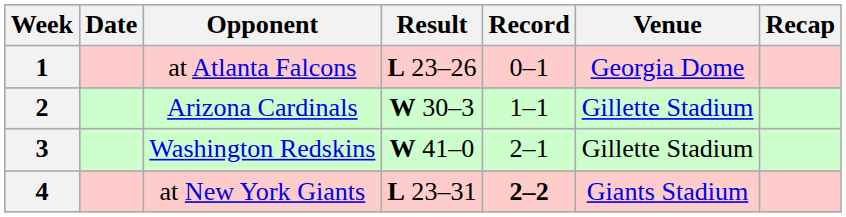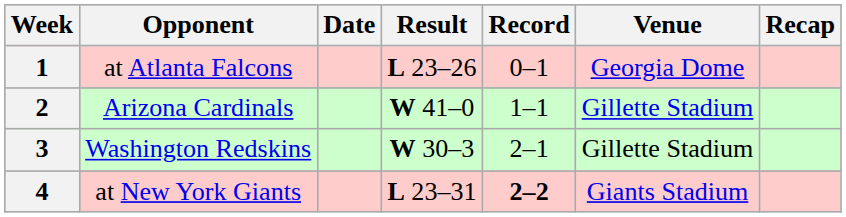 <table class="wikitable" style="text-align:center">
 <tr>
 <th>Week</th>
+<th>Opponent</th>
 <th>Date</th>
-<th>Opponent</th>
 <th>Result</th>
 <th>Record</th>
 <th>Venue</th>
 <th>Recap</th>
 </tr>
 <tr style="background: #fcc;">
 <th>1</th>
+<td>at <a href='#'>Atlanta Falcons</a></td>
 <td></td>
-<td>at <a href='#'>Atlanta Falcons</a></td>
 <td><strong>L</strong> 23–26</td>
 <td>0–1</td>
 <td><a href='#'>Georgia Dome</a></td>
 <td></td>
 </tr>
 <tr style="background: #cfc;">
 <th>2</th>
+<td><a href='#'>Arizona Cardinals</a></td>
 <td></td>
-<td><a href='#'>Arizona Cardinals</a></td>
-<td><strong>W</strong> 30–3</td>
+<td><strong>W</strong> 41–0</td>
 <td>1–1</td>
 <td><a href='#'>Gillette Stadium</a></td>
 <td></td>
 </tr>
 <tr style="background: #cfc;">
 <th>3</th>
+<td><a href='#'>Washington Redskins</a></td>
 <td></td>
-<td><a href='#'>Washington Redskins</a></td>
-<td><strong>W</strong> 41–0</td>
+<td><strong>W</strong> 30–3</td>
 <td>2–1</td>
 <td>Gillette Stadium</td>
 <td></td>
 </tr>
 <tr style="background: #fcc;">
 <th>4</th>
+<td>at <a href='#'>New York Giants</a></td>
 <td></td>
-<td>at <a href='#'>New York Giants</a></td>
 <td><strong>L</strong> 23–31</td>
 <td><strong>2–2</strong></td>
 <td><a href='#'>Giants Stadium</a></td>
 <td></td>
 </tr>
 </table>
